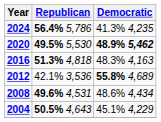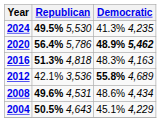 <table class="wikitable" style="float:right; margin: 1em 1em 1em 0; font-size: 95%;">
 <tr>
 <th>Year</th>
 <th><a href='#'>Republican</a></th>
 <th><a href='#'>Democratic</a></th>
 </tr>
 <tr>
 <td style="text-align:center; "><strong><a href='#'>2024</a></strong></td>
-<td style="text-align:center; "><strong>56.4%</strong> <em>5,786</em></td>
+<td style="text-align:center; "><strong>49.5%</strong> <em>5,530</em></td>
 <td style="text-align:center; ">41.3% <em>4,235</em></td>
 </tr>
 <tr>
 <td style="text-align:center; "><strong><a href='#'>2020</a></strong></td>
-<td style="text-align:center; "><strong>49.5%</strong> <em>5,530</em></td>
+<td style="text-align:center; "><strong>56.4%</strong> <em>5,786</em></td>
 <td style="text-align:center; "><strong>48.9%  <em>5,462</em></strong></td>
 </tr>
 <tr>
 <td style="text-align:center; "><strong><a href='#'>2016</a></strong></td>
 <td style="text-align:center; "><strong>51.3%</strong> <em>4,818</em></td>
 <td style="text-align:center; ">48.3% <em>4,163</em></td>
 </tr>
 <tr>
 <td style="text-align:center; "><strong><a href='#'>2012</a></strong></td>
 <td style="text-align:center; ">42.1% <em>3,536</em></td>
 <td style="text-align:center; "><strong>55.8%</strong>  <em>4,689</em></td>
 </tr>
 <tr>
 <td style="text-align:center; "><strong><a href='#'>2008</a></strong></td>
 <td style="text-align:center; "><strong>49.6%</strong> <em>4,531</em></td>
 <td style="text-align:center; ">48.6%  <em>4,434</em></td>
 </tr>
 <tr>
 <td style="text-align:center; "><strong><a href='#'>2004</a></strong></td>
 <td style="text-align:center; "><strong>50.5%</strong> <em>4,643</em></td>
 <td style="text-align:center; ">45.1% <em>4,229</em></td>
 </tr>
 <tr>
 </tr>
 </table>
